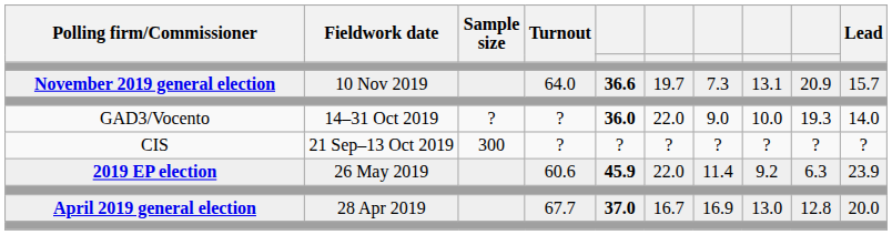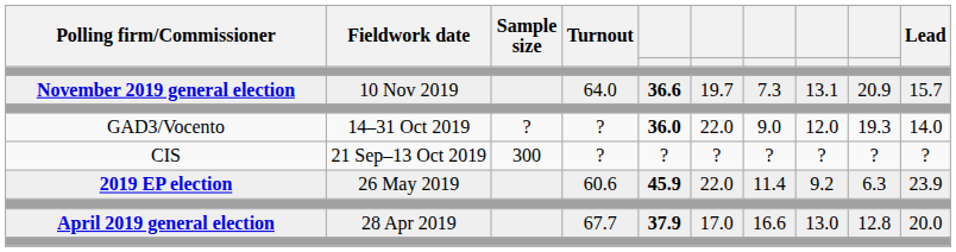 <table class="wikitable collapsible collapsed" style="text-align:center; font-size:95%; line-height:16px;">
 <tr style="height:42px; background-color:#E9E9E9">
 <th style="width:250px;" rowspan="2">Polling firm/Commissioner</th>
 <th style="width:125px;" rowspan="2">Fieldwork date</th>
 <th style="width:50px;" rowspan="2">Sample size</th>
 <th style="width:45px;" rowspan="2">Turnout</th>
 <th style="width:35px;"></th>
 <th style="width:35px;"></th>
 <th style="width:35px;"></th>
 <th style="width:35px;"></th>
 <th style="width:35px;"></th>
 <th style="width:30px;" rowspan="2">Lead</th>
 </tr>
 <tr>
 <th style="color:inherit;background:"></th>
 <th style="color:inherit;background:"></th>
 <th style="color:inherit;background:"></th>
 <th style="color:inherit;background:"></th>
 <th style="color:inherit;background:"></th>
 </tr>
 <tr>
 <td colspan="10" style="background:#A0A0A0"></td>
 </tr>
 <tr style="background:#EFEFEF;">
 <td><strong><a href='#'>November 2019 general election</a></strong></td>
 <td>10 Nov 2019</td>
 <td></td>
 <td>64.0</td>
 <td><strong>36.6</strong><br></td>
 <td>19.7<br></td>
 <td>7.3<br></td>
 <td>13.1<br></td>
 <td>20.9<br></td>
 <td style="background:">15.7</td>
 </tr>
 <tr>
 <td colspan="10" style="background:#A0A0A0"></td>
 </tr>
 <tr>
 <td>GAD3/Vocento</td>
 <td>14–31 Oct 2019</td>
 <td>?</td>
 <td>?</td>
 <td><strong>36.0</strong><br></td>
 <td>22.0<br></td>
 <td>9.0<br></td>
-<td>10.0<br></td>
+<td>12.0<br></td>
 <td>19.3<br></td>
 <td style="background:">14.0</td>
 </tr>
 <tr>
 <td>CIS</td>
 <td>21 Sep–13 Oct 2019</td>
 <td>300</td>
 <td>?</td>
 <td>?<br></td>
 <td>?<br></td>
 <td>?<br></td>
 <td>?<br></td>
 <td>?<br></td>
 <td style="background:">?</td>
 </tr>
 <tr style="background:#EFEFEF;">
 <td><strong><a href='#'>2019 EP election</a></strong></td>
 <td>26 May 2019</td>
 <td></td>
 <td>60.6</td>
 <td><strong>45.9</strong><br></td>
 <td>22.0<br></td>
 <td>11.4<br></td>
 <td>9.2<br></td>
 <td>6.3<br></td>
 <td style="background:">23.9</td>
 </tr>
 <tr>
 <td colspan="10" style="background:#A0A0A0"></td>
 </tr>
 <tr style="background:#EFEFEF;">
 <td><strong><a href='#'>April 2019 general election</a></strong></td>
 <td>28 Apr 2019</td>
 <td></td>
 <td>67.7</td>
-<td><strong>37.0</strong><br></td>
-<td>16.7<br></td>
-<td>16.9<br></td>
+<td><strong>37.9</strong><br></td>
+<td>17.0<br></td>
+<td>16.6<br></td>
 <td>13.0<br></td>
 <td>12.8<br></td>
 <td style="background:">20.0</td>
 </tr>
 <tr>
 <td colspan="10" style="background:#A0A0A0"></td>
 </tr>
 <tr>
 </tr>
 </table>
